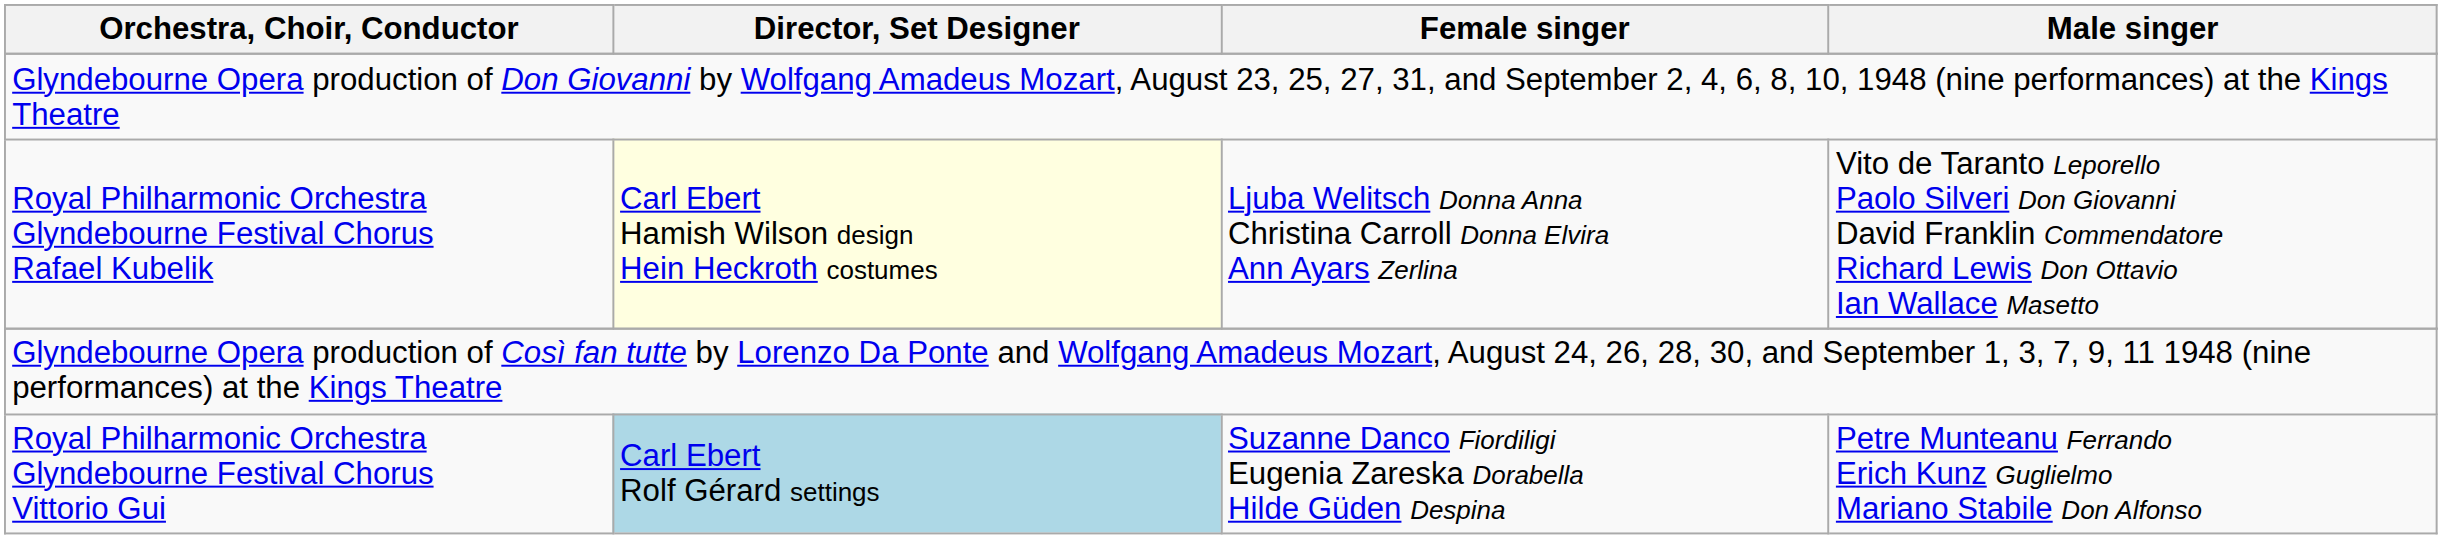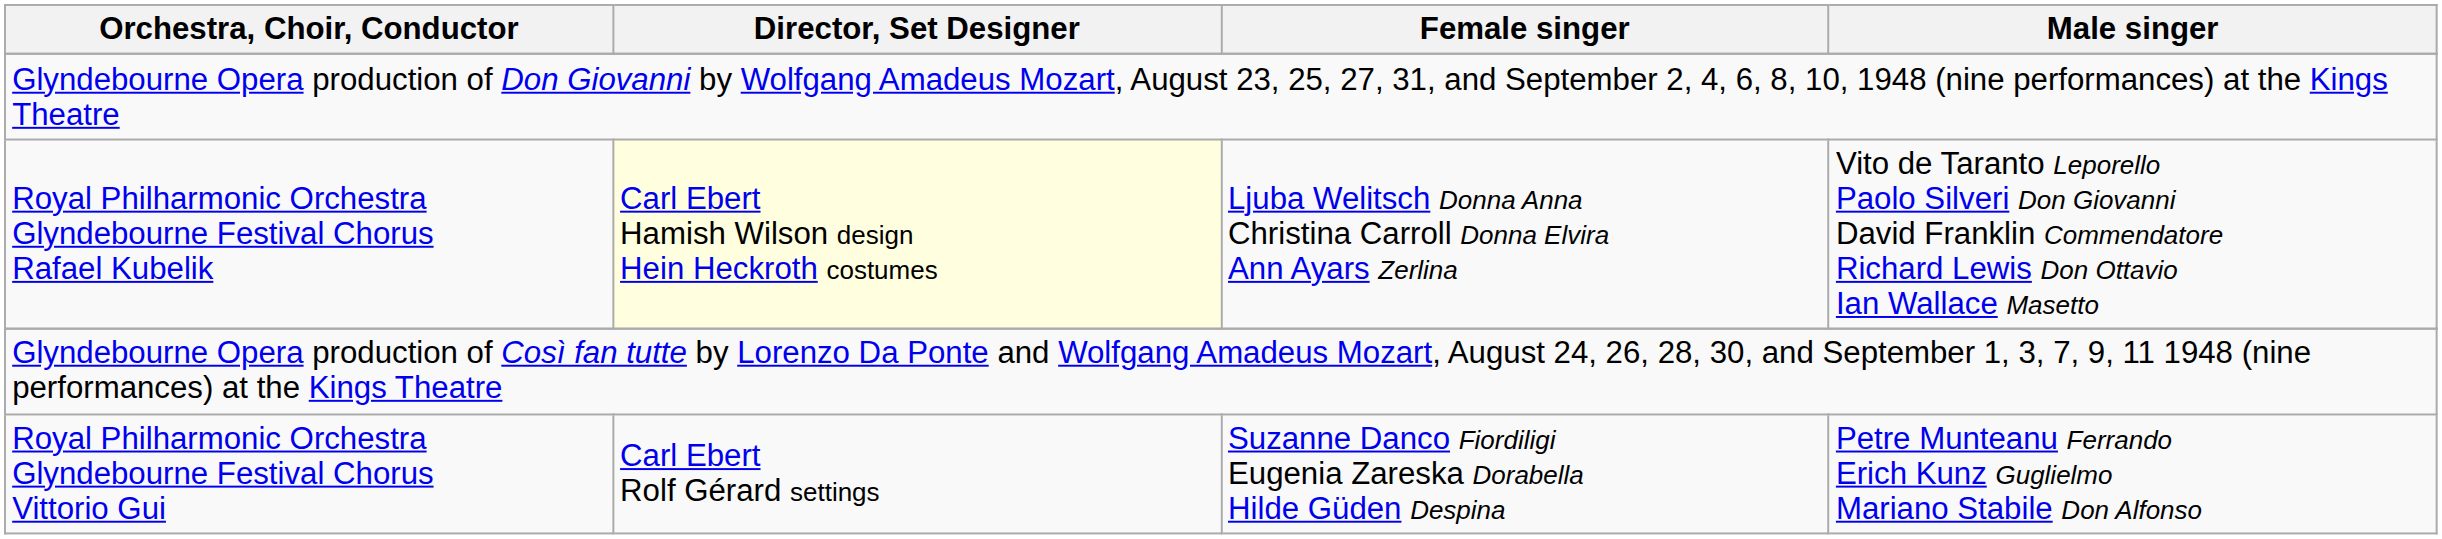 <table class="wikitable toptextcells">
 <tr class="hintergrundfarbe5">
 <th style="width:25%;">Orchestra, Choir, Conductor</th>
 <th style="width:25%;">Director, Set Designer</th>
 <th style="width:25%;">Female singer</th>
 <th style="width:25%;">Male singer</th>
 </tr>
 <tr>
 </tr>
 <tr class="hintergrundfarbe8">
 <td colspan="9"><a href='#'>Glyndebourne Opera</a> production of <em><a href='#'>Don Giovanni</a></em> by <a href='#'>Wolfgang Amadeus Mozart</a>, August 23, 25, 27, 31, and September 2, 4, 6, 8, 10,  1948 (nine performances) at the <a href='#'>Kings Theatre</a></td>
 </tr>
 <tr>
 <td><a href='#'>Royal Philharmonic Orchestra</a><br><a href='#'>Glyndebourne Festival Chorus</a><br><a href='#'>Rafael Kubelik</a></td>
 <td style="background: lightyellow;"><a href='#'>Carl Ebert</a><br>Hamish Wilson <small>design</small><br><a href='#'>Hein Heckroth</a> <small>costumes</small></td>
 <td><a href='#'>Ljuba Welitsch</a> <small><em>Donna Anna</em></small><br>Christina Carroll <small><em>Donna Elvira</em></small><br><a href='#'>Ann Ayars</a> <small><em>Zerlina</em></small></td>
 <td>Vito de Taranto <small><em>Leporello</em></small><br><a href='#'>Paolo Silveri</a> <small><em>Don Giovanni</em></small><br>David Franklin <small><em>Commendatore</em></small><br><a href='#'>Richard Lewis</a> <small><em>Don Ottavio</em></small><br><a href='#'>Ian Wallace</a> <small><em>Masetto</em></small></td>
 </tr>
 <tr>
 </tr>
 <tr class="hintergrundfarbe8">
 <td colspan="9"><a href='#'>Glyndebourne Opera</a> production of <em><a href='#'>Così fan tutte</a></em> by <a href='#'>Lorenzo Da Ponte</a> and <a href='#'>Wolfgang Amadeus Mozart</a>, August 24, 26, 28, 30, and September 1, 3, 7, 9, 11 1948 (nine performances) at the <a href='#'>Kings Theatre</a></td>
 </tr>
 <tr>
 <td><a href='#'>Royal Philharmonic Orchestra</a><br><a href='#'>Glyndebourne Festival Chorus</a><br><a href='#'>Vittorio Gui</a></td>
-<td style="background: lightblue;"><a href='#'>Carl Ebert</a><br>Rolf Gérard <small>settings</small></td>
+<td><a href='#'>Carl Ebert</a><br>Rolf Gérard <small>settings</small></td>
 <td><a href='#'>Suzanne Danco</a> <small><em>Fiordiligi</em></small><br>Eugenia Zareska <small><em>Dorabella</em></small><br><a href='#'>Hilde Güden</a> <small><em>Despina</em></small></td>
 <td><a href='#'>Petre Munteanu</a> <small><em>Ferrando</em></small><br><a href='#'>Erich Kunz</a> <small><em>Guglielmo</em></small><br><a href='#'>Mariano Stabile</a> <small><em>Don Alfonso</em></small></td>
 </tr>
 </table>
